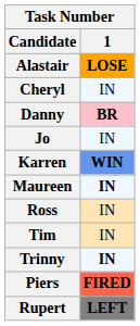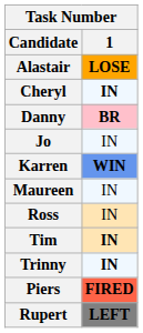 <table class="wikitable" style="text-align:center">
 <tr>
 <th colspan="14">Task Number</th>
 </tr>
 <tr>
 <th>Candidate</th>
 <th>1</th>
 </tr>
 <tr>
 <th>Alastair</th>
 <td bgcolor="orange"><strong>LOSE</strong></td>
 </tr>
 <tr>
 <th>Cheryl</th>
-<td bgcolor="#F0F8FF">IN</td>
+<td bgcolor="#F0F8FF"><strong>IN</strong></td>
 </tr>
 <tr>
 <th>Danny</th>
 <td bgcolor="pink"><strong>BR</strong></td>
 </tr>
 <tr>
 <th>Jo</th>
 <td bgcolor="#F0F8FF">IN</td>
 </tr>
 <tr>
 <th>Karren</th>
 <td bgcolor="cornflowerblue"><strong>WIN</strong></td>
 </tr>
 <tr>
 <th>Maureen</th>
-<td bgcolor="#F0F8FF"><strong>IN</strong></td>
+<td bgcolor="#F0F8FF">IN</td>
 </tr>
 <tr>
 <th>Ross</th>
 <td bgcolor="#FFE5B4">IN</td>
 </tr>
 <tr>
 <th>Tim</th>
-<td bgcolor="#FFE5B4">IN</td>
+<td bgcolor="#FFE5B4"><strong>IN</strong></td>
 </tr>
 <tr>
 <th>Trinny</th>
 <td bgcolor="#F0F8FF"><strong>IN</strong></td>
 </tr>
 <tr>
 <th>Piers</th>
 <td bgcolor="tomato"><strong>FIRED</strong></td>
 </tr>
 <tr>
 <th>Rupert</th>
 <td bgcolor="gray"><strong>LEFT</strong></td>
 </tr>
 </table>
